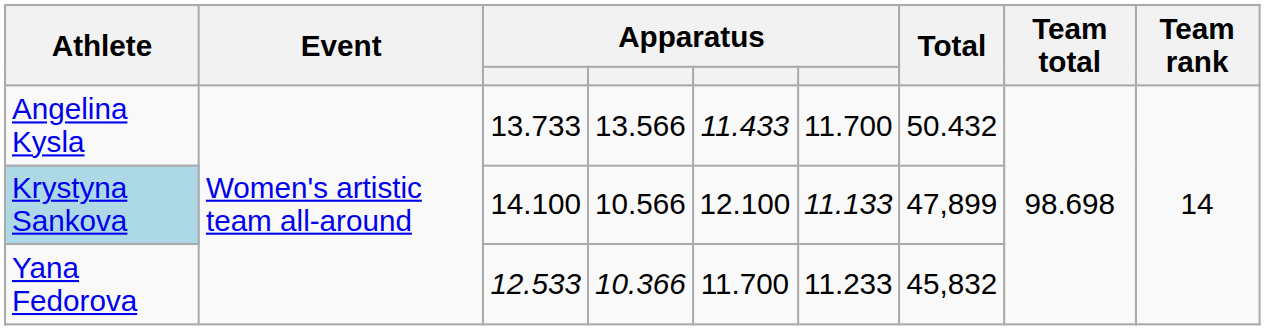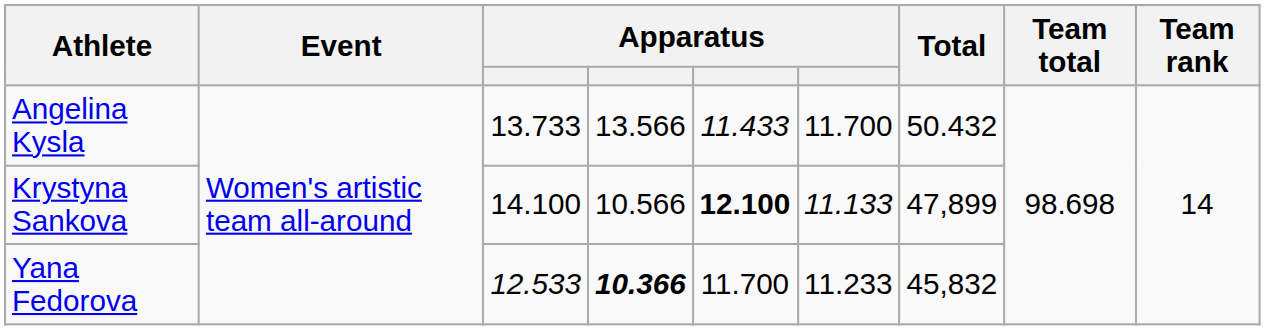 <table class="wikitable" style="font-size:90%">
 <tr>
 <th rowspan=2>Athlete</th>
 <th rowspan=2>Event</th>
 <th colspan=4>Apparatus</th>
 <th rowspan=2>Total</th>
 <th rowspan=2>Team total</th>
 <th rowspan=2>Team rank</th>
 </tr>
 <tr style="font-size:95%">
 <th></th>
 <th></th>
 <th></th>
 <th></th>
 </tr>
 <tr align=center>
 <td align=left><a href='#'>Angelina Kysla</a></td>
 <td align=left rowspan=3><a href='#'>Women's artistic team all-around</a></td>
 <td>13.733</td>
 <td>13.566</td>
 <td><em>11.433</em></td>
 <td>11.700</td>
 <td>50.432 <strong></strong></td>
 <td rowspan=3>98.698</td>
 <td rowspan=3>14</td>
 </tr>
 <tr align=center>
-<td align=left style="background: lightblue;"><a href='#'>Krystyna Sankova</a></td>
+<td align=left><a href='#'>Krystyna Sankova</a></td>
 <td>14.100</td>
 <td>10.566</td>
-<td>12.100</td>
+<td><strong>12.100</strong></td>
 <td><em>11.133</em></td>
 <td>47,899</td>
 </tr>
 <tr align=center>
 <td align=left><a href='#'>Yana Fedorova</a></td>
 <td><em>12.533</em></td>
-<td><em>10.366</em></td>
+<td><strong><em>10.366</em></strong></td>
 <td>11.700</td>
 <td>11.233</td>
 <td>45,832</td>
 </tr>
 </table>
